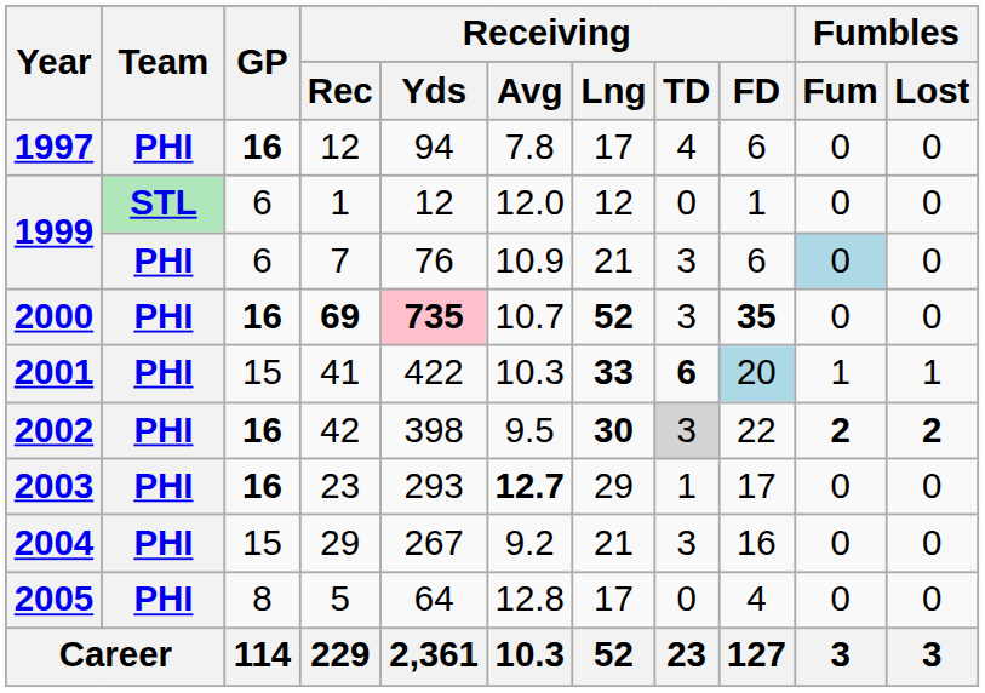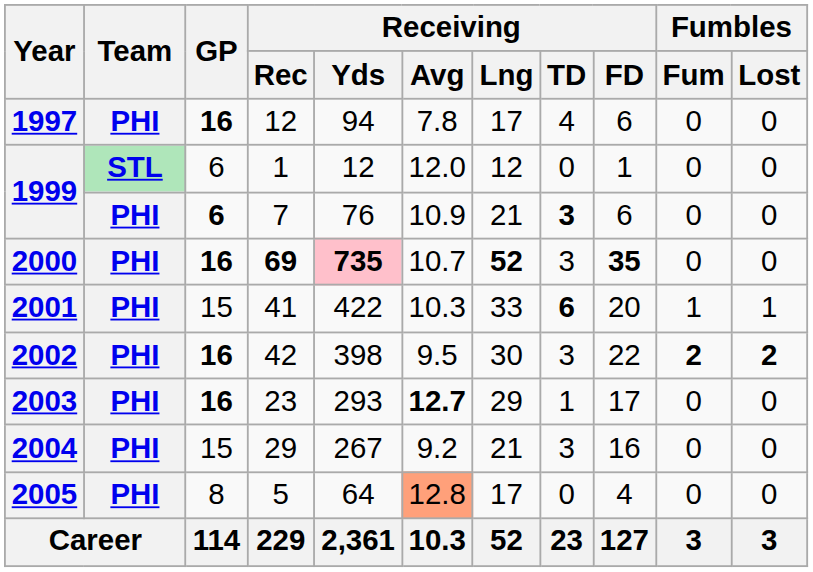 <table class="wikitable" style="text-align:center;">
 <tr>
 <th rowspan="2">Year</th>
 <th rowspan="2">Team</th>
 <th rowspan="2">GP</th>
 <th colspan="6">Receiving</th>
 <th colspan="2">Fumbles</th>
 </tr>
 <tr>
 <th>Rec</th>
 <th>Yds</th>
 <th>Avg</th>
 <th>Lng</th>
 <th>TD</th>
 <th>FD</th>
 <th>Fum</th>
 <th>Lost</th>
 </tr>
 <tr>
 <th><a href='#'>1997</a></th>
 <th><a href='#'>PHI</a></th>
 <td><strong>16</strong></td>
 <td>12</td>
 <td>94</td>
 <td>7.8</td>
 <td>17</td>
 <td>4</td>
 <td>6</td>
 <td>0</td>
 <td>0</td>
 </tr>
 <tr>
 <th rowspan="2"><a href='#'>1999</a></th>
 <th style="background:#afe6ba; width:3em;"><a href='#'>STL</a></th>
 <td>6</td>
 <td>1</td>
 <td>12</td>
 <td>12.0</td>
 <td>12</td>
 <td>0</td>
 <td>1</td>
 <td>0</td>
 <td>0</td>
 </tr>
 <tr>
 <th><a href='#'>PHI</a></th>
-<td>6</td>
+<td><strong>6</strong></td>
 <td>7</td>
 <td>76</td>
 <td>10.9</td>
 <td>21</td>
-<td>3</td>
+<td><strong>3</strong></td>
 <td>6</td>
-<td style="background: lightblue;">0</td>
+<td>0</td>
 <td>0</td>
 </tr>
 <tr>
 <th><a href='#'>2000</a></th>
 <th><a href='#'>PHI</a></th>
 <td><strong>16</strong></td>
 <td><strong>69</strong></td>
 <td style="background: pink;"><strong>735</strong></td>
 <td>10.7</td>
 <td><strong>52</strong></td>
 <td>3</td>
 <td><strong>35</strong></td>
 <td>0</td>
 <td>0</td>
 </tr>
 <tr>
 <th><a href='#'>2001</a></th>
 <th><a href='#'>PHI</a></th>
 <td>15</td>
 <td>41</td>
 <td>422</td>
 <td>10.3</td>
-<td><strong>33</strong></td>
+<td>33</td>
 <td><strong>6</strong></td>
-<td style="background: lightblue;">20</td>
+<td>20</td>
 <td>1</td>
 <td>1</td>
 </tr>
 <tr>
 <th><a href='#'>2002</a></th>
 <th><a href='#'>PHI</a></th>
 <td><strong>16</strong></td>
 <td>42</td>
 <td>398</td>
 <td>9.5</td>
-<td><strong>30</strong></td>
-<td style="background: lightgrey;">3</td>
+<td>30</td>
+<td>3</td>
 <td>22</td>
 <td><strong>2</strong></td>
 <td><strong>2</strong></td>
 </tr>
 <tr>
 <th><a href='#'>2003</a></th>
 <th><a href='#'>PHI</a></th>
 <td><strong>16</strong></td>
 <td>23</td>
 <td>293</td>
 <td><strong>12.7</strong></td>
 <td>29</td>
 <td>1</td>
 <td>17</td>
 <td>0</td>
 <td>0</td>
 </tr>
 <tr>
 <th><a href='#'>2004</a></th>
 <th><a href='#'>PHI</a></th>
 <td>15</td>
 <td>29</td>
 <td>267</td>
 <td>9.2</td>
 <td>21</td>
 <td>3</td>
 <td>16</td>
 <td>0</td>
 <td>0</td>
 </tr>
 <tr>
 <th><a href='#'>2005</a></th>
 <th><a href='#'>PHI</a></th>
 <td>8</td>
 <td>5</td>
 <td>64</td>
-<td>12.8</td>
+<td style="background: lightsalmon;">12.8</td>
 <td>17</td>
 <td>0</td>
 <td>4</td>
 <td>0</td>
 <td>0</td>
 </tr>
 <tr>
 <th colspan="2">Career</th>
 <th>114</th>
 <th>229</th>
 <th>2,361</th>
 <th>10.3</th>
 <th>52</th>
 <th>23</th>
 <th>127</th>
 <th>3</th>
 <th>3</th>
 </tr>
 </table>
